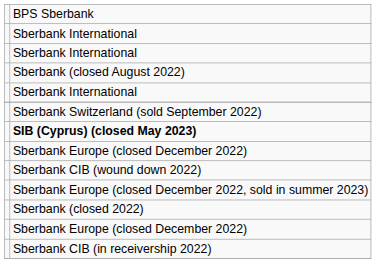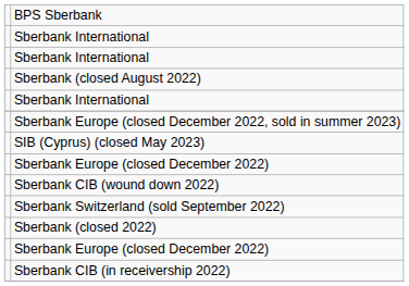 <table class="wikitable sortable">
 <tr>
 <td></td>
 <td>BPS Sberbank</td>
 </tr>
 <tr>
 <td></td>
 <td>Sberbank International</td>
 </tr>
 <tr>
 <td></td>
 <td>Sberbank International</td>
 </tr>
 <tr>
 <td></td>
 <td>Sberbank (closed August 2022)</td>
 </tr>
 <tr>
 <td></td>
 <td>Sberbank International</td>
 </tr>
 <tr>
 </tr>
 <tr>
 <td></td>
-<td>Sberbank Switzerland (sold September 2022)</td>
+<td>Sberbank Europe (closed December 2022, sold in summer 2023)</td>
 </tr>
 <tr>
 <td></td>
-<td><strong>SIB (Cyprus) (closed May 2023)</strong></td>
+<td>SIB (Cyprus) (closed May 2023)</td>
 </tr>
 <tr>
 <td></td>
 <td>Sberbank Europe (closed December 2022)</td>
 </tr>
 <tr>
 <td></td>
 <td>Sberbank CIB (wound down 2022)</td>
 </tr>
 <tr>
 <td></td>
-<td>Sberbank Europe (closed December 2022, sold in summer 2023)</td>
+<td>Sberbank Switzerland (sold September 2022)</td>
 </tr>
 <tr>
 <td></td>
 <td>Sberbank (closed 2022)</td>
 </tr>
 <tr>
 <td></td>
 <td>Sberbank Europe (closed December 2022)</td>
 </tr>
 <tr>
 <td></td>
 <td>Sberbank CIB (in receivership 2022)</td>
 </tr>
 <tr>
 </tr>
 </table>
